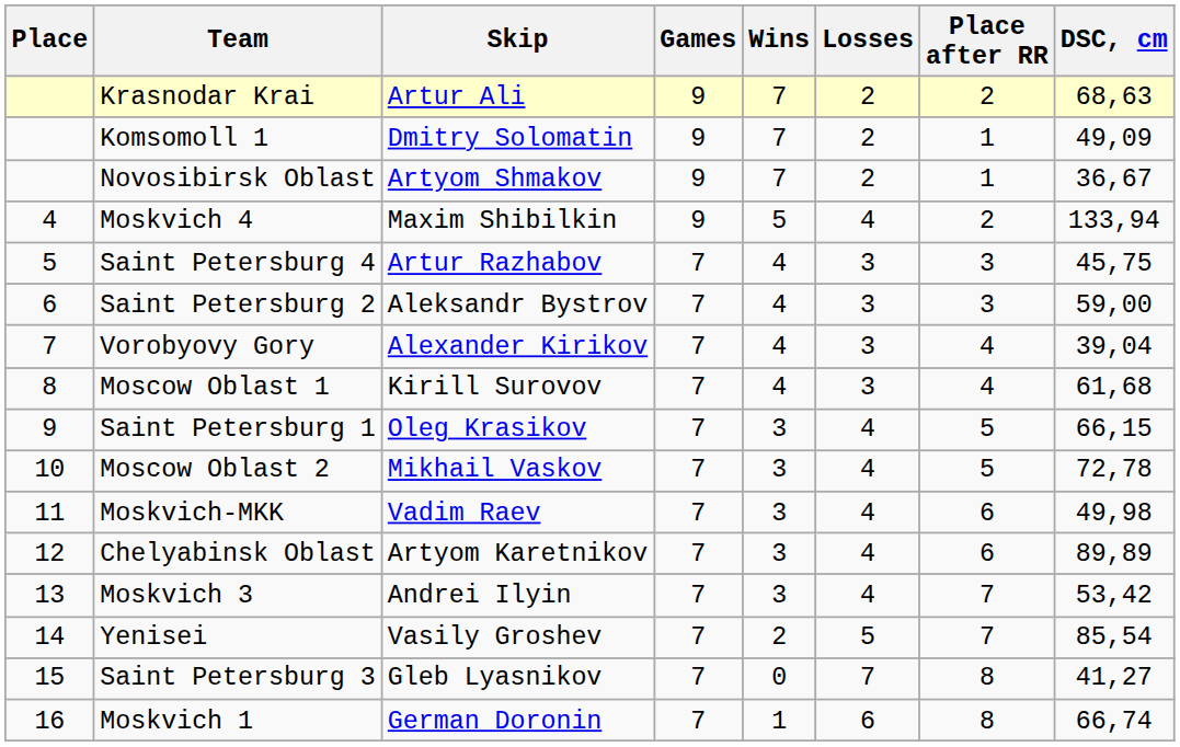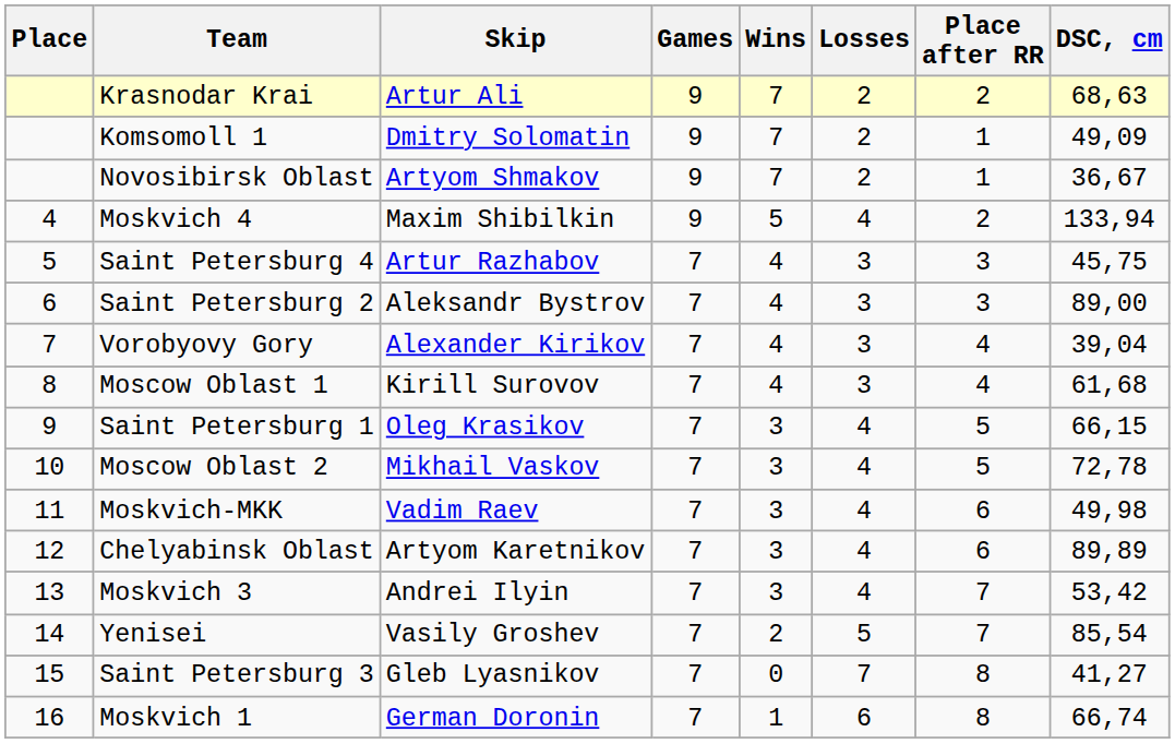 <table class="wikitable" style="text-align:center;">
 <tr>
 <th>Place</th>
 <th>Team</th>
 <th>Skip</th>
 <th>Games</th>
 <th>Wins</th>
 <th>Losses</th>
 <th>Place<br>after RR</th>
 <th>DSC, <a href='#'>cm</a></th>
 </tr>
 <tr bgcolor=#ffc>
 <td></td>
 <td align=left>Krasnodar Krai</td>
 <td align=left><a href='#'>Artur Ali</a></td>
 <td>9</td>
 <td>7</td>
 <td>2</td>
 <td>2</td>
 <td>68,63</td>
 </tr>
 <tr>
 <td></td>
 <td align=left>Komsomoll 1</td>
 <td align=left><a href='#'>Dmitry Solomatin</a></td>
 <td>9</td>
 <td>7</td>
 <td>2</td>
 <td>1</td>
 <td>49,09</td>
 </tr>
 <tr>
 <td></td>
 <td align=left>Novosibirsk Oblast</td>
 <td align=left><a href='#'>Artyom Shmakov</a></td>
 <td>9</td>
 <td>7</td>
 <td>2</td>
 <td>1</td>
 <td>36,67</td>
 </tr>
 <tr>
 <td>4</td>
 <td align=left>Moskvich 4</td>
 <td align=left>Maxim Shibilkin</td>
 <td>9</td>
 <td>5</td>
 <td>4</td>
 <td>2</td>
 <td>133,94</td>
 </tr>
 <tr>
 <td>5</td>
 <td align=left>Saint Petersburg 4</td>
 <td align=left><a href='#'>Artur Razhabov</a></td>
 <td>7</td>
 <td>4</td>
 <td>3</td>
 <td>3</td>
 <td>45,75</td>
 </tr>
 <tr>
 <td>6</td>
 <td align=left>Saint Petersburg 2</td>
 <td align=left>Aleksandr Bystrov</td>
 <td>7</td>
 <td>4</td>
 <td>3</td>
 <td>3</td>
-<td>59,00</td>
+<td>89,00</td>
 </tr>
 <tr>
 <td>7</td>
 <td align=left>Vorobyovy Gory</td>
 <td align=left><a href='#'>Alexander Kirikov</a></td>
 <td>7</td>
 <td>4</td>
 <td>3</td>
 <td>4</td>
 <td>39,04</td>
 </tr>
 <tr>
 <td>8</td>
 <td align=left>Moscow Oblast 1</td>
 <td align=left>Kirill Surovov</td>
 <td>7</td>
 <td>4</td>
 <td>3</td>
 <td>4</td>
 <td>61,68</td>
 </tr>
 <tr>
 <td>9</td>
 <td align=left>Saint Petersburg 1</td>
 <td align=left><a href='#'>Oleg Krasikov</a></td>
 <td>7</td>
 <td>3</td>
 <td>4</td>
 <td>5</td>
 <td>66,15</td>
 </tr>
 <tr>
 <td>10</td>
 <td align=left>Moscow Oblast 2</td>
 <td align=left><a href='#'>Mikhail Vaskov</a></td>
 <td>7</td>
 <td>3</td>
 <td>4</td>
 <td>5</td>
 <td>72,78</td>
 </tr>
 <tr>
 <td>11</td>
 <td align=left>Moskvich-MKK</td>
 <td align=left><a href='#'>Vadim Raev</a></td>
 <td>7</td>
 <td>3</td>
 <td>4</td>
 <td>6</td>
 <td>49,98</td>
 </tr>
 <tr>
 <td>12</td>
 <td align=left>Chelyabinsk Oblast</td>
 <td align=left>Artyom Karetnikov</td>
 <td>7</td>
 <td>3</td>
 <td>4</td>
 <td>6</td>
 <td>89,89</td>
 </tr>
 <tr>
 <td>13</td>
 <td align=left>Moskvich 3</td>
 <td align=left>Andrei Ilyin</td>
 <td>7</td>
 <td>3</td>
 <td>4</td>
 <td>7</td>
 <td>53,42</td>
 </tr>
 <tr>
 <td>14</td>
 <td align=left>Yenisei</td>
 <td align=left>Vasily Groshev</td>
 <td>7</td>
 <td>2</td>
 <td>5</td>
 <td>7</td>
 <td>85,54</td>
 </tr>
 <tr>
 <td>15</td>
 <td align=left>Saint Petersburg 3</td>
 <td align=left>Gleb Lyasnikov</td>
 <td>7</td>
 <td>0</td>
 <td>7</td>
 <td>8</td>
 <td>41,27</td>
 </tr>
 <tr>
 <td>16</td>
 <td align=left>Moskvich 1</td>
 <td align=left><a href='#'>German Doronin</a></td>
 <td>7</td>
 <td>1</td>
 <td>6</td>
 <td>8</td>
 <td>66,74</td>
 </tr>
 </table>
